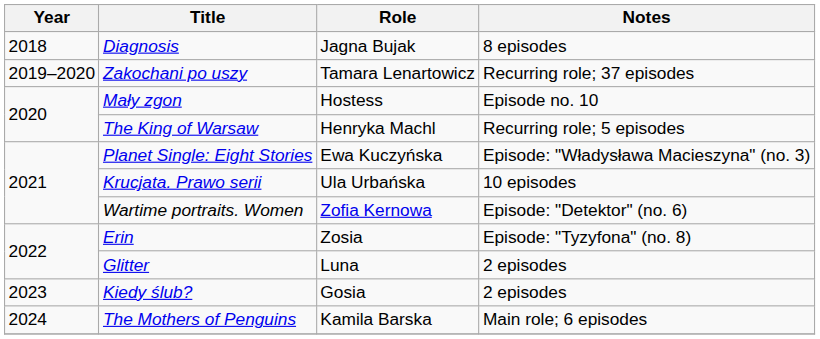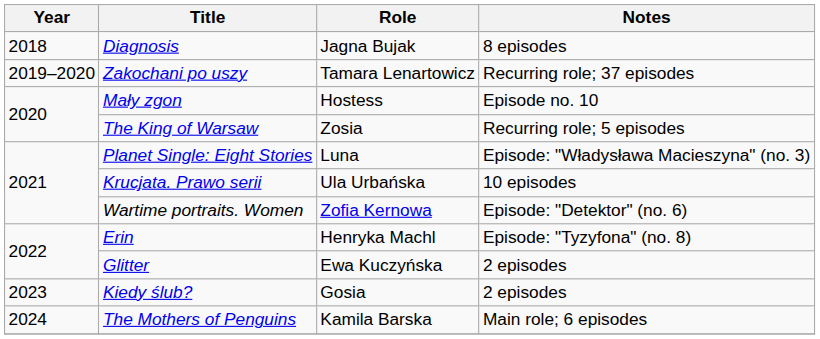 <table class="wikitable plainrowheaders sortable">
 <tr>
 <th scope="col">Year</th>
 <th scope="col">Title</th>
 <th scope="col">Role</th>
 <th scope="col" class="unsortable">Notes</th>
 </tr>
 <tr>
 <td>2018</td>
 <td><em><a href='#'>Diagnosis</a></em></td>
 <td>Jagna Bujak</td>
 <td>8 episodes</td>
 </tr>
 <tr>
 <td>2019–2020</td>
 <td><em><a href='#'>Zakochani po uszy</a></em></td>
 <td>Tamara Lenartowicz</td>
 <td>Recurring role; 37 episodes</td>
 </tr>
 <tr>
 <td rowspan=2>2020</td>
 <td><em><a href='#'>Mały zgon</a></em></td>
 <td>Hostess</td>
 <td>Episode no. 10</td>
 </tr>
 <tr>
 <td><em><a href='#'>The King of Warsaw</a></em></td>
-<td>Henryka Machl</td>
+<td>Zosia</td>
 <td>Recurring role; 5 episodes</td>
 </tr>
 <tr>
 <td rowspan=3>2021</td>
 <td><em><a href='#'>Planet Single: Eight Stories</a></em></td>
-<td>Ewa Kuczyńska</td>
+<td>Luna</td>
 <td>Episode: "Władysława Macieszyna" (no. 3)</td>
 </tr>
 <tr>
 <td><em><a href='#'>Krucjata. Prawo serii</a></em></td>
 <td>Ula Urbańska</td>
 <td>10 episodes</td>
 </tr>
 <tr>
 <td><em>Wartime portraits. Women</em></td>
 <td><a href='#'>Zofia Kernowa</a></td>
 <td>Episode: "Detektor" (no. 6)</td>
 </tr>
 <tr>
 <td rowspan=2>2022</td>
 <td><em><a href='#'>Erin</a></em></td>
-<td>Zosia</td>
+<td>Henryka Machl</td>
 <td>Episode: "Tyzyfona" (no. 8)</td>
 </tr>
 <tr>
 <td><em><a href='#'>Glitter</a></em></td>
-<td>Luna</td>
+<td>Ewa Kuczyńska</td>
 <td>2 episodes</td>
 </tr>
 <tr>
 <td>2023</td>
 <td><em><a href='#'>Kiedy ślub?</a></em></td>
 <td>Gosia</td>
 <td>2 episodes</td>
 </tr>
 <tr>
 <td>2024</td>
 <td><em><a href='#'>The Mothers of Penguins</a></em></td>
 <td>Kamila Barska</td>
 <td>Main role; 6 episodes</td>
 </tr>
 <tr>
 </tr>
 </table>
